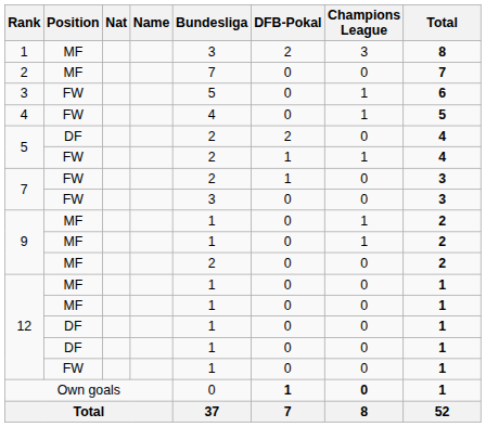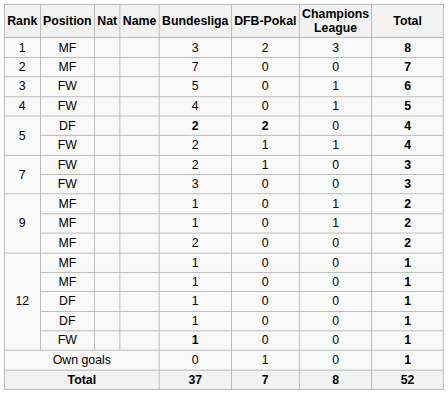 <table class="wikitable sortable" style="text-align:center;">
 <tr>
 <th>Rank</th>
 <th>Position</th>
 <th>Nat</th>
 <th>Name</th>
 <th>Bundesliga</th>
 <th>DFB-Pokal</th>
 <th>Champions<br>League</th>
 <th style="width:85px;">Total</th>
 </tr>
 <tr>
 <td>1</td>
 <td>MF</td>
 <td></td>
 <td align="left"></td>
 <td>3</td>
 <td>2</td>
 <td>3</td>
 <td><strong>8</strong></td>
 </tr>
 <tr>
 <td>2</td>
 <td>MF</td>
 <td></td>
 <td align="left"></td>
 <td>7</td>
 <td>0</td>
 <td>0</td>
 <td><strong>7</strong></td>
 </tr>
 <tr>
 <td>3</td>
 <td>FW</td>
 <td></td>
 <td align="left"></td>
 <td>5</td>
 <td>0</td>
 <td>1</td>
 <td><strong>6</strong></td>
 </tr>
 <tr>
 <td>4</td>
 <td>FW</td>
 <td></td>
 <td align="left"></td>
 <td>4</td>
 <td>0</td>
 <td>1</td>
 <td><strong>5</strong></td>
 </tr>
 <tr>
 <td rowspan="2">5</td>
 <td>DF</td>
 <td></td>
 <td align="left"></td>
-<td>2</td>
-<td>2</td>
+<td><strong>2</strong></td>
+<td><strong>2</strong></td>
 <td>0</td>
 <td><strong>4</strong></td>
 </tr>
 <tr>
 <td>FW</td>
 <td></td>
 <td align="left"></td>
 <td>2</td>
 <td>1</td>
 <td>1</td>
 <td><strong>4</strong></td>
 </tr>
 <tr>
 <td rowspan="2">7</td>
 <td>FW</td>
 <td></td>
 <td align="left"></td>
 <td>2</td>
 <td>1</td>
 <td>0</td>
 <td><strong>3</strong></td>
 </tr>
 <tr>
 <td>FW</td>
 <td></td>
 <td align="left"></td>
 <td>3</td>
 <td>0</td>
 <td>0</td>
 <td><strong>3</strong></td>
 </tr>
 <tr>
 <td rowspan="3">9</td>
 <td>MF</td>
 <td></td>
 <td align="left"></td>
 <td>1</td>
 <td>0</td>
 <td>1</td>
 <td><strong>2</strong></td>
 </tr>
 <tr>
 <td>MF</td>
 <td></td>
 <td align="left"></td>
 <td>1</td>
 <td>0</td>
 <td>1</td>
 <td><strong>2</strong></td>
 </tr>
 <tr>
 <td>MF</td>
 <td></td>
 <td align="left"></td>
 <td>2</td>
 <td>0</td>
 <td>0</td>
 <td><strong>2</strong></td>
 </tr>
 <tr>
 <td rowspan="5">12</td>
 <td>MF</td>
 <td></td>
 <td align="left"></td>
 <td>1</td>
 <td>0</td>
 <td>0</td>
 <td><strong>1</strong></td>
 </tr>
 <tr>
 <td>MF</td>
 <td></td>
 <td align="left"></td>
 <td>1</td>
 <td>0</td>
 <td>0</td>
 <td><strong>1</strong></td>
 </tr>
 <tr>
 <td>DF</td>
 <td></td>
 <td align="left"></td>
 <td>1</td>
 <td>0</td>
 <td>0</td>
 <td><strong>1</strong></td>
 </tr>
 <tr>
 <td>DF</td>
 <td></td>
 <td align="left"></td>
 <td>1</td>
 <td>0</td>
 <td>0</td>
 <td><strong>1</strong></td>
 </tr>
 <tr>
 <td>FW</td>
 <td></td>
 <td align="left"></td>
-<td>1</td>
+<td><strong>1</strong></td>
 <td>0</td>
 <td>0</td>
 <td><strong>1</strong></td>
 </tr>
 <tr class="sortbottom">
 <td colspan="4">Own goals</td>
 <td>0</td>
-<td><strong>1</strong></td>
-<td><strong>0</strong></td>
+<td>1</td>
+<td>0</td>
 <td><strong>1</strong></td>
 </tr>
 <tr>
 <th colspan="4">Total</th>
 <th>37</th>
 <th>7</th>
 <th>8</th>
 <th>52</th>
 </tr>
 </table>
